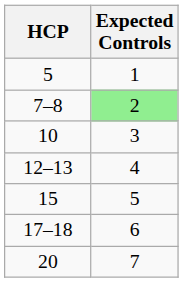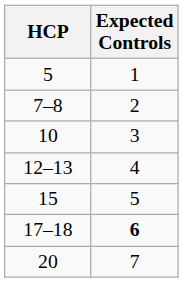 <table class=wikitable style="float:left; margin-right:1.0em">
 <tr>
 <th width="50%">HCP</th>
 <th>Expected<br>Controls</th>
 </tr>
 <tr align=center>
 <td>5</td>
 <td>1</td>
 </tr>
 <tr align=center>
 <td>7–8</td>
-<td style="background: lightgreen;">2</td>
+<td>2</td>
 </tr>
 <tr align=center>
 <td>10</td>
 <td>3</td>
 </tr>
 <tr align=center>
 <td>12–13</td>
 <td>4</td>
 </tr>
 <tr align=center>
 <td>15</td>
 <td>5</td>
 </tr>
 <tr align=center>
 <td>17–18</td>
-<td>6</td>
+<td><strong>6</strong></td>
 </tr>
 <tr align=center>
 <td>20</td>
 <td>7</td>
 </tr>
 </table>
